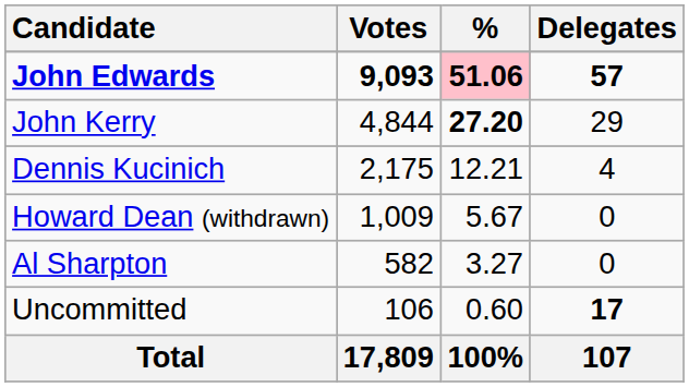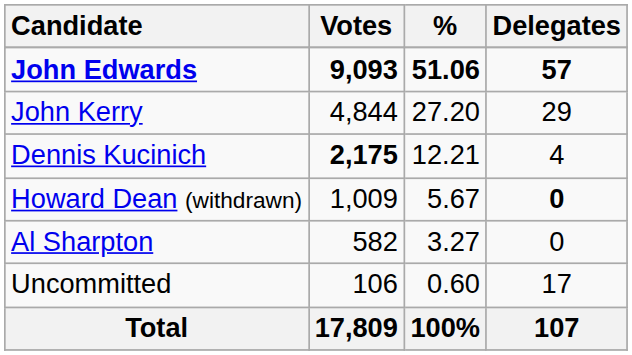 <table class="wikitable sortable plainrowheaders" style="text-align:right;">
 <tr>
 <th style="text-align:left;">Candidate</th>
 <th>Votes</th>
 <th>%</th>
 <th>Delegates</th>
 </tr>
 <tr>
 </tr>
 <tr>
 <td style="text-align:left;"><strong><a href='#'>John Edwards</a></strong></td>
 <td><strong>9,093</strong></td>
-<td style="background: pink;"><strong>51.06</strong></td>
+<td><strong>51.06</strong></td>
 <td style="text-align:center;"><strong>57</strong></td>
 </tr>
 <tr>
 <td style="text-align:left;"><a href='#'>John Kerry</a></td>
 <td>4,844</td>
-<td><strong>27.20</strong></td>
+<td>27.20</td>
 <td style="text-align:center;">29</td>
 </tr>
 <tr>
 <td style="text-align:left;"><a href='#'>Dennis Kucinich</a></td>
-<td>2,175</td>
+<td><strong>2,175</strong></td>
 <td>12.21</td>
 <td style="text-align:center;">4</td>
 </tr>
 <tr>
 <td style="text-align:left;"><a href='#'>Howard Dean</a> <small>(withdrawn)</small></td>
 <td>1,009</td>
 <td>5.67</td>
-<td style="text-align:center;">0</td>
+<td style="text-align:center;"><strong>0</strong></td>
 </tr>
 <tr>
 <td style="text-align:left;"><a href='#'>Al Sharpton</a></td>
 <td>582</td>
 <td>3.27</td>
 <td style="text-align:center;">0</td>
 </tr>
 <tr>
 <td style="text-align:left;">Uncommitted</td>
 <td>106</td>
 <td>0.60</td>
-<td style="text-align:center;"><strong>17</strong></td>
+<td style="text-align:center;">17</td>
 </tr>
 <tr class="sortbottom">
 <th>Total</th>
 <th>17,809</th>
 <th>100%</th>
 <th>107</th>
 </tr>
 </table>
